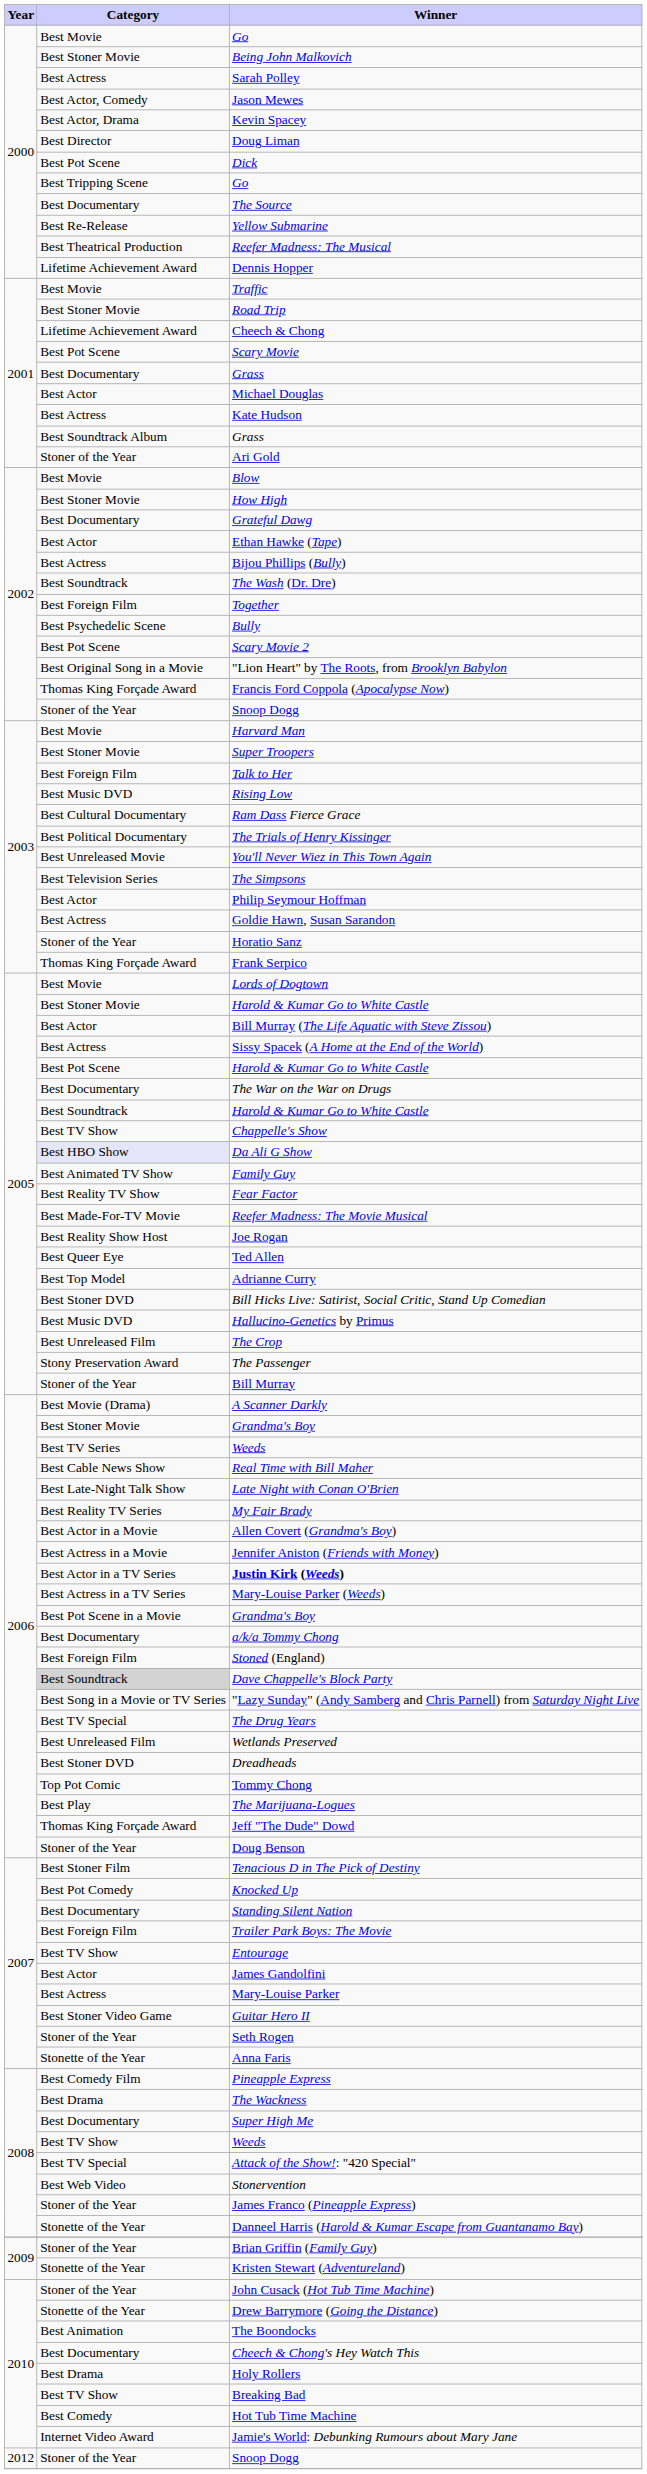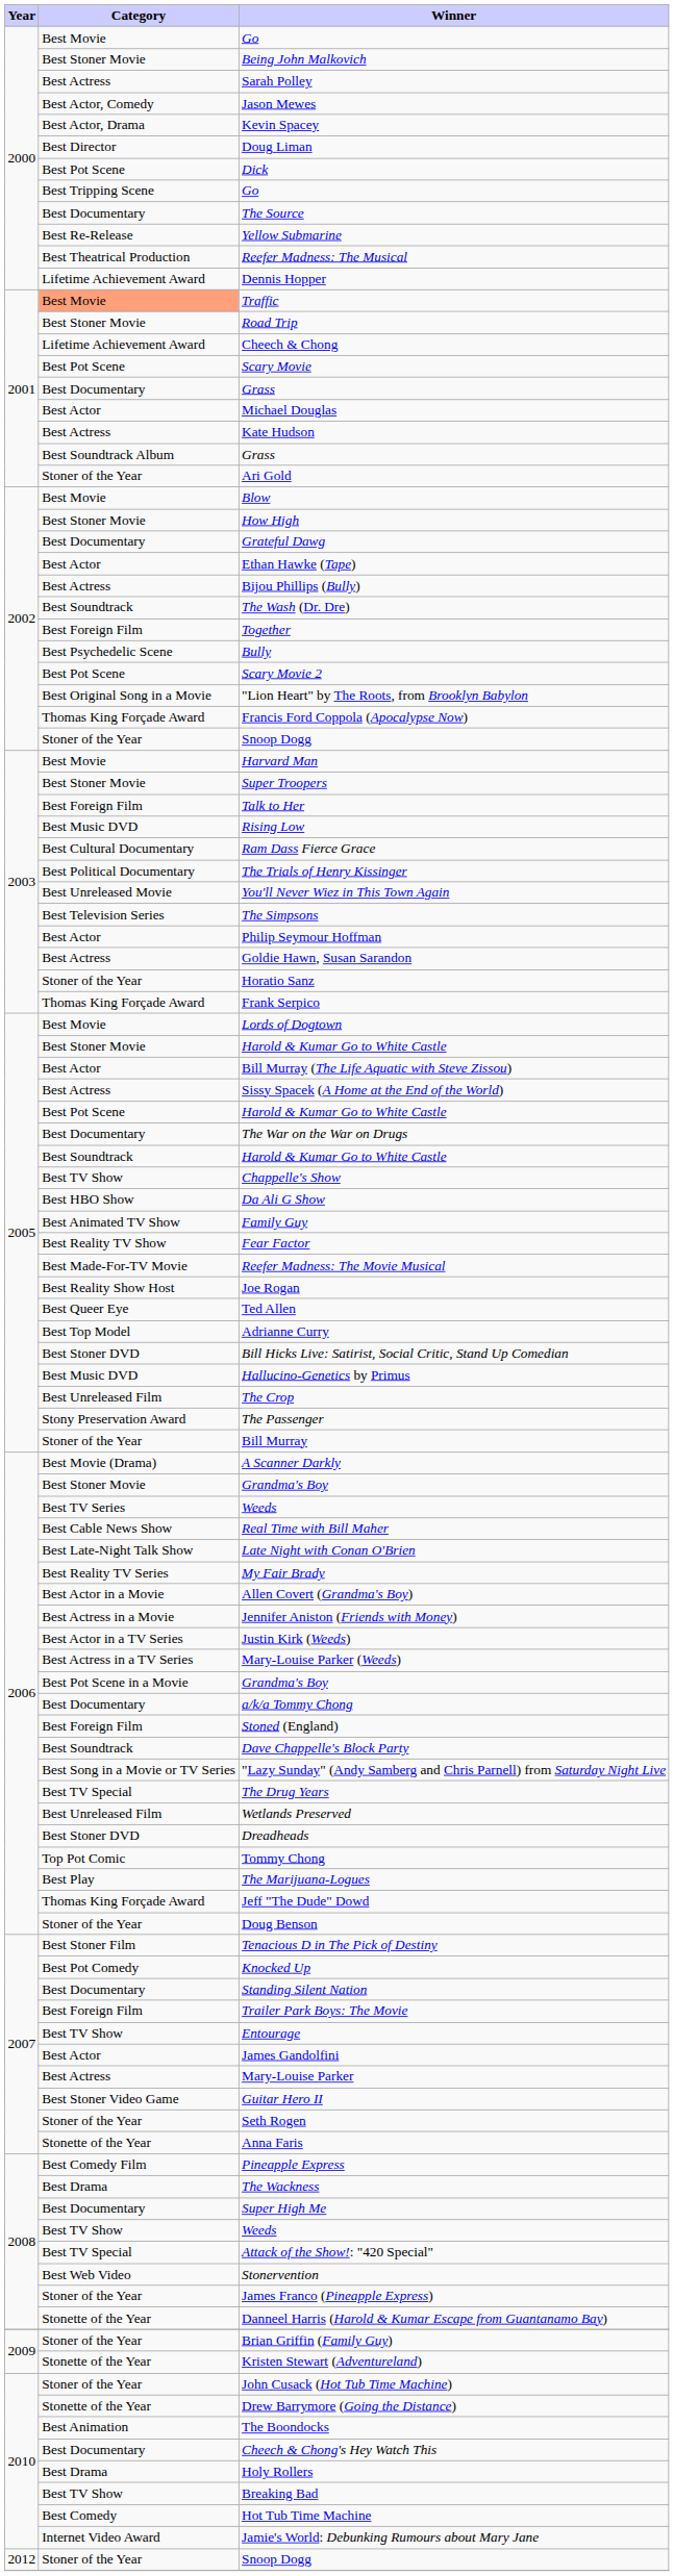 <table class="sortable wikitable">
 <tr>
 <th style="background:#ccf">Year</th>
 <th style="background:#ccf">Category</th>
 <th style="background:#ccf">Winner</th>
 </tr>
 <tr>
 <td align="center" rowspan=12>2000</td>
 <td>Best Movie</td>
 <td><em><a href='#'>Go</a></em></td>
 </tr>
 <tr>
 <td>Best Stoner Movie</td>
 <td><em><a href='#'>Being John Malkovich</a></em></td>
 </tr>
 <tr>
 <td>Best Actress</td>
 <td><a href='#'>Sarah Polley</a></td>
 </tr>
 <tr>
 <td>Best Actor, Comedy</td>
 <td><a href='#'>Jason Mewes</a></td>
 </tr>
 <tr>
 <td>Best Actor, Drama</td>
 <td><a href='#'>Kevin Spacey</a></td>
 </tr>
 <tr>
 <td>Best Director</td>
 <td><a href='#'>Doug Liman</a></td>
 </tr>
 <tr>
 <td>Best Pot Scene</td>
 <td><em> <a href='#'>Dick</a></em></td>
 </tr>
 <tr>
 <td>Best Tripping Scene</td>
 <td><em><a href='#'>Go</a></em></td>
 </tr>
 <tr>
 <td>Best Documentary</td>
 <td><em><a href='#'>The Source</a></em></td>
 </tr>
 <tr>
 <td>Best Re-Release</td>
 <td><em><a href='#'>Yellow Submarine</a></em></td>
 </tr>
 <tr>
 <td>Best Theatrical Production</td>
 <td><em><a href='#'>Reefer Madness: The Musical</a></em></td>
 </tr>
 <tr>
 <td>Lifetime Achievement Award</td>
 <td><a href='#'>Dennis Hopper</a></td>
 </tr>
 <tr>
 <td align="center" rowspan=9>2001</td>
-<td>Best Movie</td>
+<td style="background: lightsalmon;">Best Movie</td>
 <td><em><a href='#'>Traffic</a></em></td>
 </tr>
 <tr>
 <td>Best Stoner Movie</td>
 <td><em><a href='#'>Road Trip</a></em></td>
 </tr>
 <tr>
 <td>Lifetime Achievement Award</td>
 <td><a href='#'>Cheech & Chong</a></td>
 </tr>
 <tr>
 <td>Best Pot Scene</td>
 <td><em><a href='#'>Scary Movie</a></em></td>
 </tr>
 <tr>
 <td>Best Documentary</td>
 <td><em><a href='#'>Grass</a></em></td>
 </tr>
 <tr>
 <td>Best Actor</td>
 <td><a href='#'>Michael Douglas</a></td>
 </tr>
 <tr>
 <td>Best Actress</td>
 <td><a href='#'>Kate Hudson</a></td>
 </tr>
 <tr>
 <td>Best Soundtrack Album</td>
 <td><em>Grass</em></td>
 </tr>
 <tr>
 <td>Stoner of the Year</td>
 <td><a href='#'>Ari Gold</a></td>
 </tr>
 <tr>
 <td align="center" rowspan=12>2002</td>
 <td>Best Movie</td>
 <td><em><a href='#'>Blow</a></em></td>
 </tr>
 <tr>
 <td>Best Stoner Movie</td>
 <td><em><a href='#'>How High</a></em></td>
 </tr>
 <tr>
 <td>Best Documentary</td>
 <td><em><a href='#'>Grateful Dawg</a></em></td>
 </tr>
 <tr>
 <td>Best Actor</td>
 <td><a href='#'>Ethan Hawke</a> (<em><a href='#'>Tape</a></em>)</td>
 </tr>
 <tr>
 <td>Best Actress</td>
 <td><a href='#'>Bijou Phillips</a> (<em><a href='#'>Bully</a></em>)</td>
 </tr>
 <tr>
 <td>Best Soundtrack</td>
 <td><em><a href='#'>The Wash</a></em> (<a href='#'>Dr. Dre</a>)</td>
 </tr>
 <tr>
 <td>Best Foreign Film</td>
 <td><em><a href='#'>Together</a></em></td>
 </tr>
 <tr>
 <td>Best Psychedelic Scene</td>
 <td><em><a href='#'>Bully</a></em></td>
 </tr>
 <tr>
 <td>Best Pot Scene</td>
 <td><em> <a href='#'>Scary Movie 2</a></em></td>
 </tr>
 <tr>
 <td>Best Original Song in a Movie</td>
 <td>"Lion Heart" by <a href='#'>The Roots</a>, from <em><a href='#'>Brooklyn Babylon</a></em></td>
 </tr>
 <tr>
 <td>Thomas King Forçade Award</td>
 <td><a href='#'>Francis Ford Coppola</a> (<em><a href='#'>Apocalypse Now</a></em>)</td>
 </tr>
 <tr>
 <td>Stoner of the Year</td>
 <td><a href='#'>Snoop Dogg</a></td>
 </tr>
 <tr>
 <td align="center" rowspan=12>2003</td>
 <td>Best Movie</td>
 <td><em><a href='#'>Harvard Man</a></em></td>
 </tr>
 <tr>
 <td>Best Stoner Movie</td>
 <td><em><a href='#'>Super Troopers</a></em></td>
 </tr>
 <tr>
 <td>Best Foreign Film</td>
 <td><em><a href='#'>Talk to Her</a></em></td>
 </tr>
 <tr>
 <td>Best Music DVD</td>
 <td><em><a href='#'>Rising Low</a></em></td>
 </tr>
 <tr>
 <td>Best Cultural Documentary</td>
 <td><em><a href='#'>Ram Dass</a> Fierce Grace</em></td>
 </tr>
 <tr>
 <td>Best Political Documentary</td>
 <td><em><a href='#'>The Trials of Henry Kissinger</a></em></td>
 </tr>
 <tr>
 <td>Best Unreleased Movie</td>
 <td><em><a href='#'>You'll Never Wiez in This Town Again</a></em></td>
 </tr>
 <tr>
 <td>Best Television Series</td>
 <td><em><a href='#'>The Simpsons</a></em></td>
 </tr>
 <tr>
 <td>Best Actor</td>
 <td><a href='#'>Philip Seymour Hoffman</a></td>
 </tr>
 <tr>
 <td>Best Actress</td>
 <td><a href='#'>Goldie Hawn</a>, <a href='#'>Susan Sarandon</a></td>
 </tr>
 <tr>
 <td>Stoner of the Year</td>
 <td><a href='#'>Horatio Sanz</a></td>
 </tr>
 <tr>
 <td>Thomas King Forçade Award</td>
 <td><a href='#'>Frank Serpico</a></td>
 </tr>
 <tr>
 <td align="center" rowspan=20>2005</td>
 <td>Best Movie</td>
 <td><em><a href='#'>Lords of Dogtown</a></em></td>
 </tr>
 <tr>
 <td>Best Stoner Movie</td>
 <td><em><a href='#'>Harold & Kumar Go to White Castle</a></em></td>
 </tr>
 <tr>
 <td>Best Actor</td>
 <td><a href='#'>Bill Murray</a> (<em><a href='#'>The Life Aquatic with Steve Zissou</a></em>)</td>
 </tr>
 <tr>
 <td>Best Actress</td>
 <td><a href='#'>Sissy Spacek</a> (<em><a href='#'>A Home at the End of the World</a></em>)</td>
 </tr>
 <tr>
 <td>Best Pot Scene</td>
 <td><em><a href='#'>Harold & Kumar Go to White Castle</a></em></td>
 </tr>
 <tr>
 <td>Best Documentary</td>
 <td><em>The War on the War on Drugs</em></td>
 </tr>
 <tr>
 <td>Best Soundtrack</td>
 <td><em><a href='#'>Harold & Kumar Go to White Castle</a></em></td>
 </tr>
 <tr>
 <td>Best TV Show</td>
 <td><em><a href='#'>Chappelle's Show</a></em></td>
 </tr>
 <tr>
-<td style="background: lavender;">Best HBO Show</td>
+<td>Best HBO Show</td>
 <td><em><a href='#'>Da Ali G Show</a></em></td>
 </tr>
 <tr>
 <td>Best Animated TV Show</td>
 <td><em><a href='#'>Family Guy</a></em></td>
 </tr>
 <tr>
 <td>Best Reality TV Show</td>
 <td><em><a href='#'>Fear Factor</a></em></td>
 </tr>
 <tr>
 <td>Best Made-For-TV Movie</td>
 <td><em><a href='#'>Reefer Madness: The Movie Musical</a></em></td>
 </tr>
 <tr>
 <td>Best Reality Show Host</td>
 <td><a href='#'>Joe Rogan</a></td>
 </tr>
 <tr>
 <td>Best Queer Eye</td>
 <td><a href='#'>Ted Allen</a></td>
 </tr>
 <tr>
 <td>Best Top Model</td>
 <td><a href='#'>Adrianne Curry</a></td>
 </tr>
 <tr>
 <td>Best Stoner DVD</td>
 <td><em>Bill Hicks Live: Satirist, Social Critic, Stand Up Comedian</em></td>
 </tr>
 <tr>
 <td>Best Music DVD</td>
 <td><em><a href='#'>Hallucino-Genetics</a></em> by <a href='#'>Primus</a></td>
 </tr>
 <tr>
 <td>Best Unreleased Film</td>
 <td><em><a href='#'>The Crop</a></em></td>
 </tr>
 <tr>
 <td>Stony Preservation Award</td>
 <td><em>The Passenger</em></td>
 </tr>
 <tr>
 <td>Stoner of the Year</td>
 <td><a href='#'>Bill Murray</a></td>
 </tr>
 <tr>
 <td align="center" rowspan=22>2006</td>
 <td>Best Movie (Drama)</td>
 <td><em><a href='#'>A Scanner Darkly</a></em></td>
 </tr>
 <tr>
 <td>Best Stoner Movie</td>
 <td><em><a href='#'>Grandma's Boy</a></em></td>
 </tr>
 <tr>
 <td>Best TV Series</td>
 <td><em><a href='#'>Weeds</a></em></td>
 </tr>
 <tr>
 <td>Best Cable News Show</td>
 <td><em><a href='#'>Real Time with Bill Maher</a></em></td>
 </tr>
 <tr>
 <td>Best Late-Night Talk Show</td>
 <td><em><a href='#'>Late Night with Conan O'Brien</a></em></td>
 </tr>
 <tr>
 <td>Best Reality TV Series</td>
 <td><em><a href='#'>My Fair Brady</a></em></td>
 </tr>
 <tr>
 <td>Best Actor in a Movie</td>
 <td><a href='#'>Allen Covert</a> (<em><a href='#'>Grandma's Boy</a></em>)</td>
 </tr>
 <tr>
 <td>Best Actress in a Movie</td>
 <td><a href='#'>Jennifer Aniston</a> (<em><a href='#'>Friends with Money</a></em>)</td>
 </tr>
 <tr>
 <td>Best Actor in a TV Series</td>
-<td><strong><a href='#'>Justin Kirk</a> (<em><a href='#'>Weeds</a></em>)</strong></td>
+<td><a href='#'>Justin Kirk</a> (<em><a href='#'>Weeds</a></em>)</td>
 </tr>
 <tr>
 <td>Best Actress in a TV Series</td>
 <td><a href='#'>Mary-Louise Parker</a> (<em><a href='#'>Weeds</a></em>)</td>
 </tr>
 <tr>
 <td>Best Pot Scene in a Movie</td>
 <td><em><a href='#'>Grandma's Boy</a></em></td>
 </tr>
 <tr>
 <td>Best Documentary</td>
 <td><em><a href='#'>a/k/a Tommy Chong</a></em></td>
 </tr>
 <tr>
 <td>Best Foreign Film</td>
 <td><em><a href='#'>Stoned</a></em> (England)</td>
 </tr>
 <tr>
-<td style="background: lightgrey;">Best Soundtrack</td>
+<td>Best Soundtrack</td>
 <td><em><a href='#'>Dave Chappelle's Block Party</a></em></td>
 </tr>
 <tr>
 <td>Best Song in a Movie or TV Series</td>
 <td>"<a href='#'>Lazy Sunday</a>" (<a href='#'>Andy Samberg</a> and <a href='#'>Chris Parnell</a>) from <em><a href='#'>Saturday Night Live</a></em></td>
 </tr>
 <tr>
 <td>Best TV Special</td>
 <td><em><a href='#'>The Drug Years</a></em></td>
 </tr>
 <tr>
 <td>Best Unreleased Film</td>
 <td><em>Wetlands Preserved</em></td>
 </tr>
 <tr>
 <td>Best Stoner DVD</td>
 <td><em>Dreadheads</em></td>
 </tr>
 <tr>
 <td>Top Pot Comic</td>
 <td><a href='#'>Tommy Chong</a></td>
 </tr>
 <tr>
 <td>Best Play</td>
 <td><em> <a href='#'>The Marijuana-Logues</a></em></td>
 </tr>
 <tr>
 <td>Thomas King Forçade Award</td>
 <td><a href='#'>Jeff "The Dude" Dowd</a></td>
 </tr>
 <tr>
 <td>Stoner of the Year</td>
 <td><a href='#'>Doug Benson</a></td>
 </tr>
 <tr>
 <td align="center" rowspan=10>2007</td>
 <td>Best Stoner Film</td>
 <td><em><a href='#'>Tenacious D in The Pick of Destiny</a></em></td>
 </tr>
 <tr>
 <td>Best Pot Comedy</td>
 <td><em><a href='#'>Knocked Up</a></em></td>
 </tr>
 <tr>
 <td>Best Documentary</td>
 <td><em><a href='#'>Standing Silent Nation</a></em></td>
 </tr>
 <tr>
 <td>Best Foreign Film</td>
 <td><em><a href='#'>Trailer Park Boys: The Movie</a></em></td>
 </tr>
 <tr>
 <td>Best TV Show</td>
 <td><em><a href='#'>Entourage</a></em></td>
 </tr>
 <tr>
 <td>Best Actor</td>
 <td><a href='#'>James Gandolfini</a></td>
 </tr>
 <tr>
 <td>Best Actress</td>
 <td><a href='#'>Mary-Louise Parker</a></td>
 </tr>
 <tr>
 <td>Best Stoner Video Game</td>
 <td><em><a href='#'>Guitar Hero II</a></em></td>
 </tr>
 <tr>
 <td>Stoner of the Year</td>
 <td><a href='#'>Seth Rogen</a></td>
 </tr>
 <tr>
 <td>Stonette of the Year</td>
 <td><a href='#'>Anna Faris</a></td>
 </tr>
 <tr>
 <td align="center" rowspan=8>2008</td>
 <td>Best Comedy Film</td>
 <td><em><a href='#'>Pineapple Express</a></em></td>
 </tr>
 <tr>
 <td>Best Drama</td>
 <td><em><a href='#'>The Wackness</a></em></td>
 </tr>
 <tr>
 <td>Best Documentary</td>
 <td><em><a href='#'>Super High Me</a></em></td>
 </tr>
 <tr>
 <td>Best TV Show</td>
 <td><em><a href='#'>Weeds</a></em></td>
 </tr>
 <tr>
 <td>Best TV Special</td>
 <td><em><a href='#'>Attack of the Show!</a></em>: "420 Special"</td>
 </tr>
 <tr>
 <td>Best Web Video</td>
 <td><em>Stonervention</em></td>
 </tr>
 <tr>
 <td>Stoner of the Year</td>
 <td><a href='#'>James Franco</a> (<em><a href='#'>Pineapple Express</a></em>)</td>
 </tr>
 <tr>
 <td>Stonette of the Year</td>
 <td><a href='#'>Danneel Harris</a> (<em><a href='#'>Harold & Kumar Escape from Guantanamo Bay</a></em>)</td>
 </tr>
 <tr>
 </tr>
 <tr>
 <td align="center" rowspan=2>2009</td>
 <td>Stoner of the Year</td>
 <td><a href='#'>Brian Griffin</a> (<em><a href='#'>Family Guy</a></em>)</td>
 </tr>
 <tr>
 <td>Stonette of the Year</td>
 <td><a href='#'>Kristen Stewart</a> (<em><a href='#'>Adventureland</a></em>)</td>
 </tr>
 <tr>
 <td align="center" rowspan=8>2010</td>
 <td>Stoner of the Year</td>
 <td><a href='#'>John Cusack</a> (<em><a href='#'>Hot Tub Time Machine</a></em>)</td>
 </tr>
 <tr>
 <td>Stonette of the Year</td>
 <td><a href='#'>Drew Barrymore</a> (<em><a href='#'>Going the Distance</a></em>)</td>
 </tr>
 <tr>
 <td>Best Animation</td>
 <td><a href='#'>The Boondocks</a></td>
 </tr>
 <tr>
 <td>Best Documentary</td>
 <td><em><a href='#'>Cheech & Chong</a>'s Hey Watch This</em></td>
 </tr>
 <tr>
 <td>Best Drama</td>
 <td><a href='#'>Holy Rollers</a></td>
 </tr>
 <tr>
 <td>Best TV Show</td>
 <td><a href='#'>Breaking Bad</a></td>
 </tr>
 <tr>
 <td>Best Comedy</td>
 <td><a href='#'>Hot Tub Time Machine</a></td>
 </tr>
 <tr>
 <td>Internet Video Award</td>
 <td><a href='#'>Jamie's World</a>: <em>Debunking Rumours about Mary Jane</em></td>
 </tr>
 <tr>
 <td align="center">2012</td>
 <td>Stoner of the Year</td>
 <td><a href='#'>Snoop Dogg</a></td>
 </tr>
 <tr>
 </tr>
 </table>
